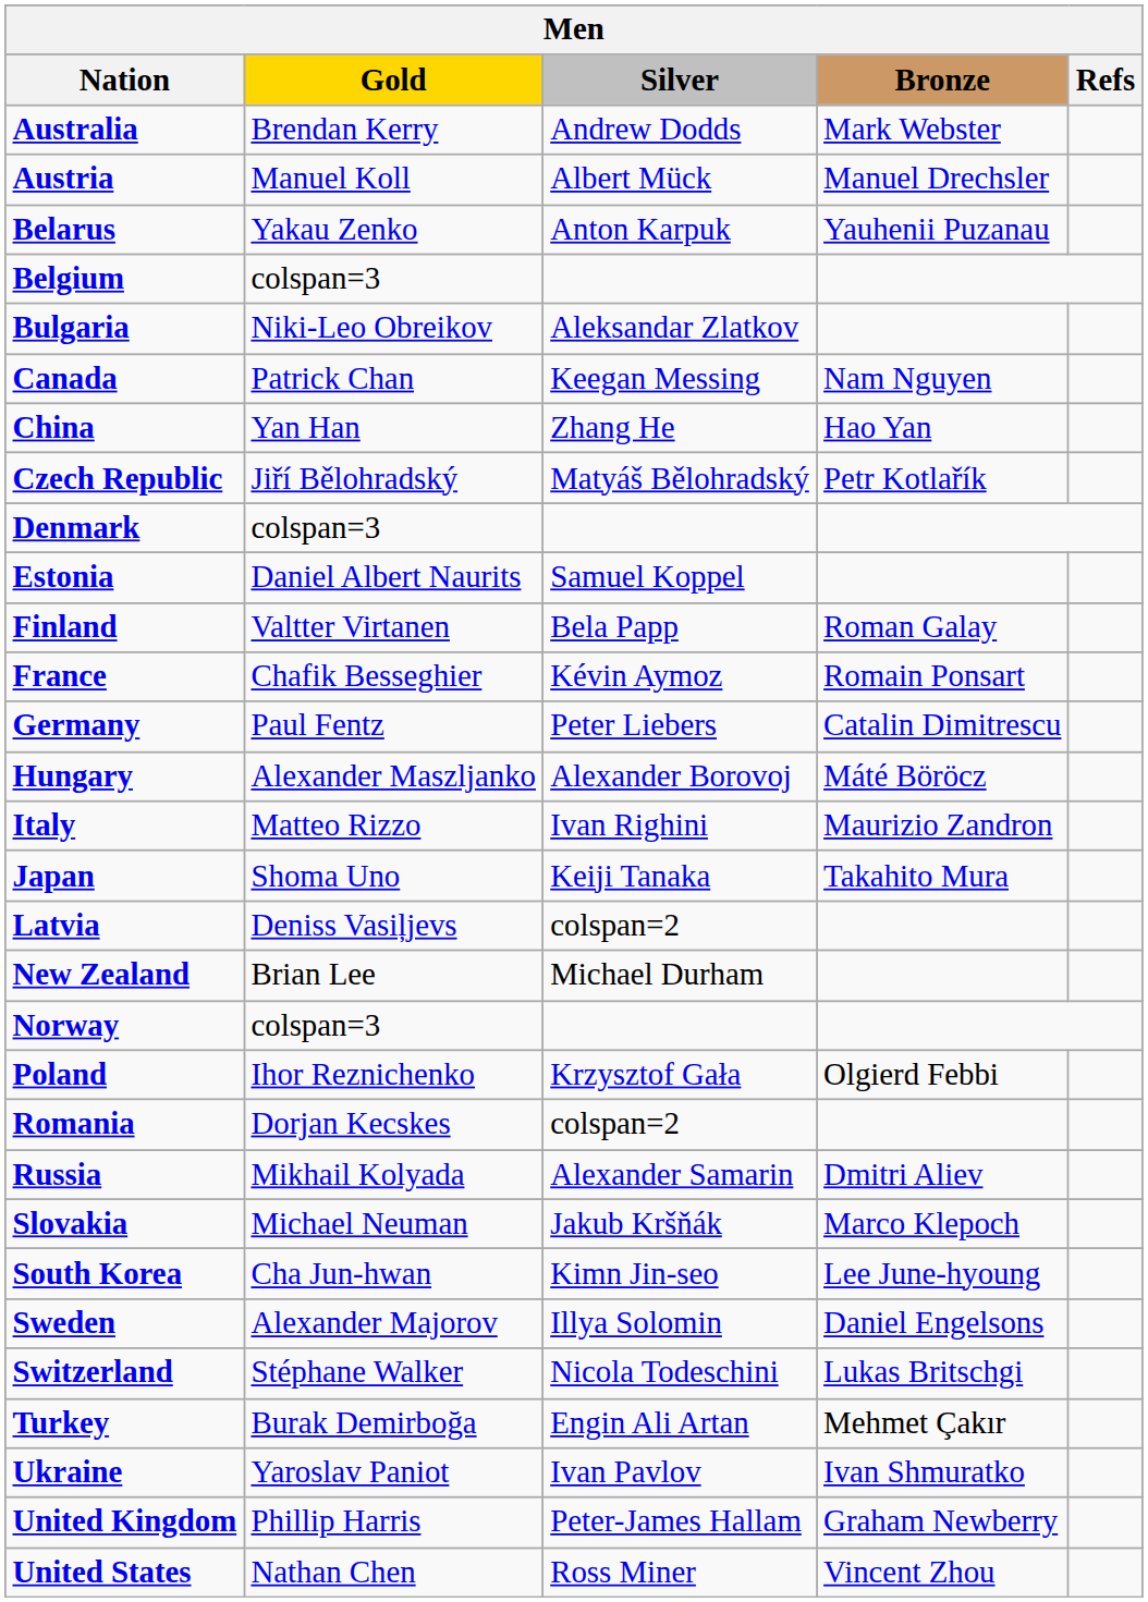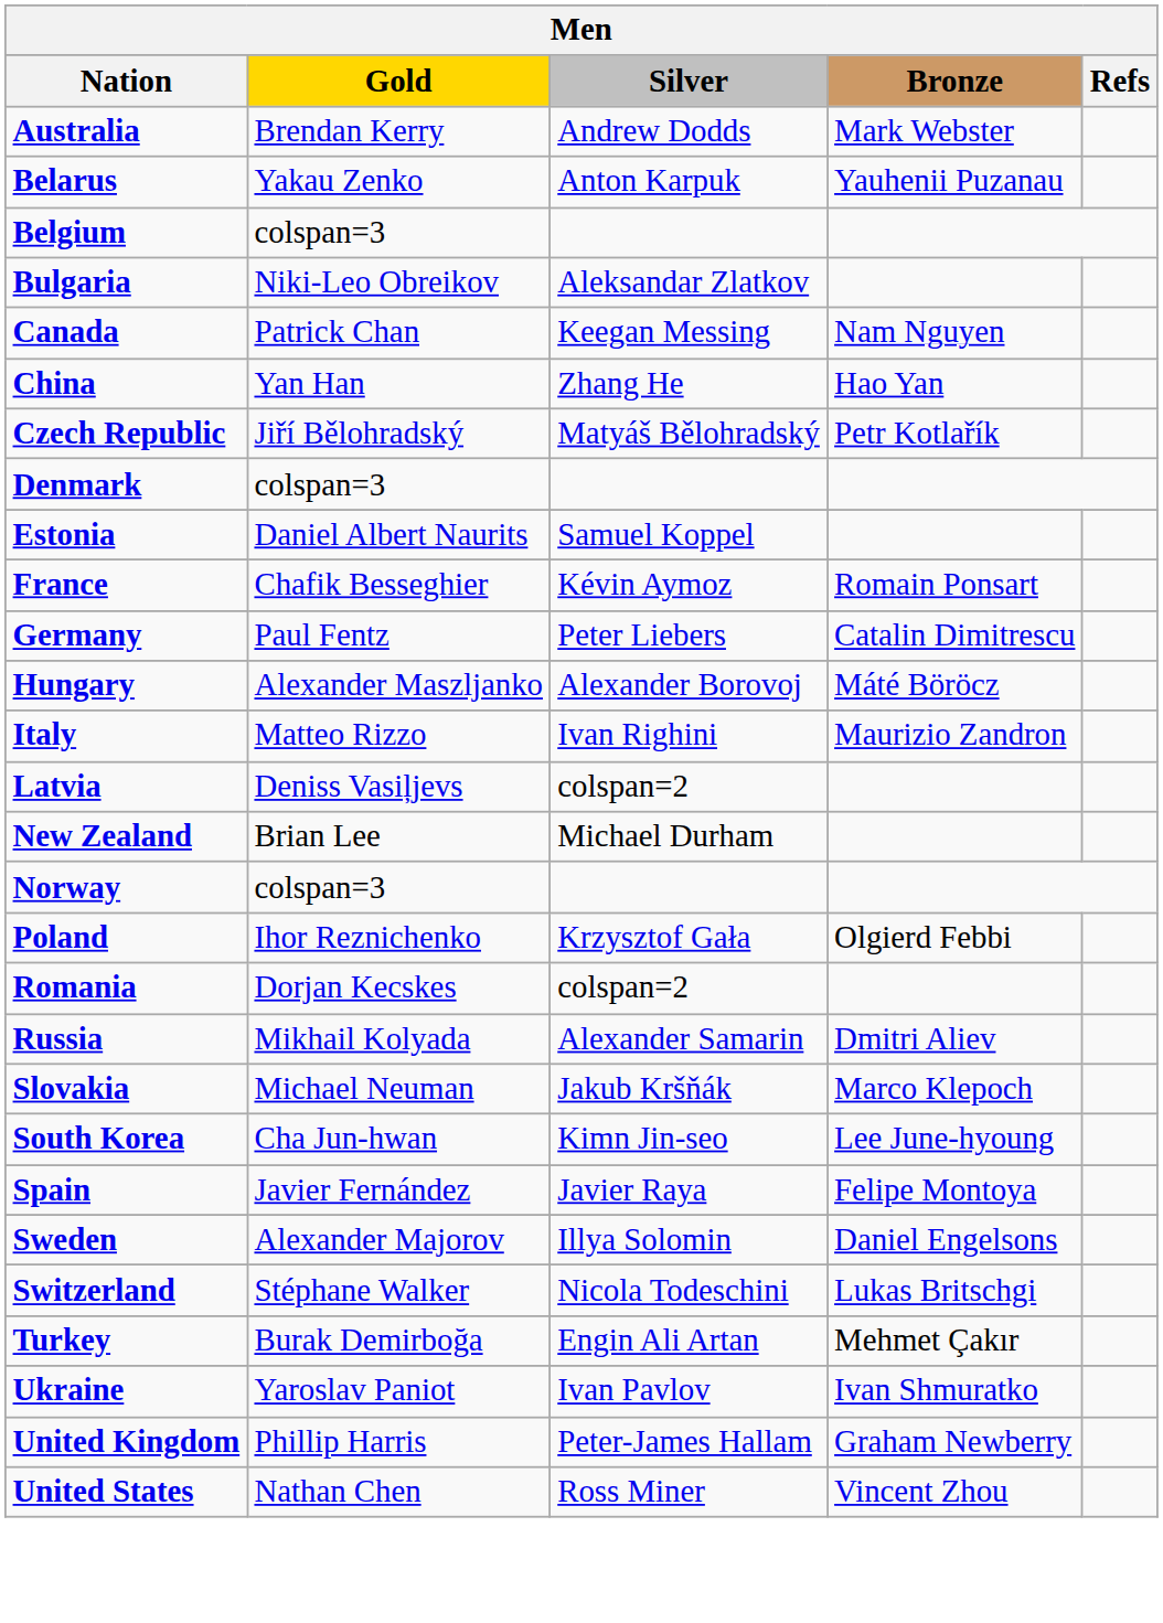 <table class="wikitable">
 <tr>
 <th colspan=5>Men</th>
 </tr>
 <tr>
 <th>Nation</th>
 <td style="text-align:center; background:gold;"><strong>Gold</strong></td>
 <td style="text-align:center; background:silver;"><strong>Silver</strong></td>
 <td style="text-align:center; background:#c96;"><strong>Bronze</strong></td>
 <th>Refs</th>
 </tr>
 <tr>
 <td><strong><a href='#'>Australia</a></strong></td>
 <td><a href='#'>Brendan Kerry</a></td>
 <td><a href='#'>Andrew Dodds</a></td>
 <td><a href='#'>Mark Webster</a></td>
-<td></td>
-</tr>
-<tr>
-<td><strong><a href='#'>Austria</a></strong></td>
-<td><a href='#'>Manuel Koll</a></td>
-<td><a href='#'>Albert Mück</a></td>
-<td><a href='#'>Manuel Drechsler</a></td>
 <td></td>
 </tr>
 <tr>
 <td><strong><a href='#'>Belarus</a></strong></td>
 <td><a href='#'>Yakau Zenko</a></td>
 <td><a href='#'>Anton Karpuk</a></td>
 <td><a href='#'>Yauhenii Puzanau</a></td>
 <td></td>
 </tr>
 <tr>
 <td><strong><a href='#'>Belgium</a></strong></td>
 <td>colspan=3 </td>
 <td></td>
 </tr>
 <tr>
 <td><strong><a href='#'>Bulgaria</a></strong></td>
 <td><a href='#'>Niki-Leo Obreikov</a></td>
 <td><a href='#'>Aleksandar Zlatkov</a></td>
 <td></td>
 <td></td>
 </tr>
 <tr>
 <td><strong><a href='#'>Canada</a></strong></td>
 <td><a href='#'>Patrick Chan</a></td>
 <td><a href='#'>Keegan Messing</a></td>
 <td><a href='#'>Nam Nguyen</a></td>
 <td></td>
 </tr>
 <tr>
 <td><strong><a href='#'>China</a></strong></td>
 <td><a href='#'>Yan Han</a></td>
 <td><a href='#'>Zhang He</a></td>
 <td><a href='#'>Hao Yan</a></td>
 <td></td>
 </tr>
 <tr>
 <td><strong><a href='#'>Czech Republic</a></strong></td>
 <td><a href='#'>Jiří Bělohradský</a></td>
 <td><a href='#'>Matyáš Bělohradský</a></td>
 <td><a href='#'>Petr Kotlařík</a></td>
 <td></td>
 </tr>
 <tr>
 <td><strong><a href='#'>Denmark</a></strong></td>
 <td>colspan=3 </td>
 <td></td>
 </tr>
 <tr>
 <td><strong><a href='#'>Estonia</a></strong></td>
 <td><a href='#'>Daniel Albert Naurits</a></td>
 <td><a href='#'>Samuel Koppel</a></td>
 <td></td>
 <td></td>
 </tr>
 <tr>
-<td><strong><a href='#'>Finland</a></strong></td>
-<td><a href='#'>Valtter Virtanen</a></td>
-<td><a href='#'>Bela Papp</a></td>
-<td><a href='#'>Roman Galay</a></td>
-<td></td>
-</tr>
-<tr>
 <td><strong><a href='#'>France</a></strong></td>
 <td><a href='#'>Chafik Besseghier</a></td>
 <td><a href='#'>Kévin Aymoz</a></td>
 <td><a href='#'>Romain Ponsart</a></td>
 <td></td>
 </tr>
 <tr>
 <td><strong><a href='#'>Germany</a></strong></td>
 <td><a href='#'>Paul Fentz</a></td>
 <td><a href='#'>Peter Liebers</a></td>
 <td><a href='#'>Catalin Dimitrescu</a></td>
 <td></td>
 </tr>
 <tr>
 <td><strong><a href='#'>Hungary</a></strong></td>
 <td><a href='#'>Alexander Maszljanko</a></td>
 <td><a href='#'>Alexander Borovoj</a></td>
 <td><a href='#'>Máté Böröcz</a></td>
 <td></td>
 </tr>
 <tr>
 <td><strong><a href='#'>Italy</a></strong></td>
 <td><a href='#'>Matteo Rizzo</a></td>
 <td><a href='#'>Ivan Righini</a></td>
 <td><a href='#'>Maurizio Zandron</a></td>
-<td></td>
-</tr>
-<tr>
-<td><strong><a href='#'>Japan</a></strong></td>
-<td><a href='#'>Shoma Uno</a></td>
-<td><a href='#'>Keiji Tanaka</a></td>
-<td><a href='#'>Takahito Mura</a></td>
 <td></td>
 </tr>
 <tr>
 <td><strong><a href='#'>Latvia</a></strong></td>
 <td><a href='#'>Deniss Vasiļjevs</a></td>
 <td>colspan=2 </td>
 <td></td>
 </tr>
 <tr>
 <td><strong><a href='#'>New Zealand</a></strong></td>
 <td>Brian Lee</td>
 <td>Michael Durham</td>
 <td></td>
 <td></td>
 </tr>
 <tr>
 <td><strong><a href='#'>Norway</a></strong></td>
 <td>colspan=3 </td>
 <td></td>
 </tr>
 <tr>
 <td><strong><a href='#'>Poland</a></strong></td>
 <td><a href='#'>Ihor Reznichenko</a></td>
 <td><a href='#'>Krzysztof Gała</a></td>
 <td>Olgierd Febbi</td>
 <td></td>
 </tr>
 <tr>
 <td><strong><a href='#'>Romania</a></strong></td>
 <td><a href='#'>Dorjan Kecskes</a></td>
 <td>colspan=2 </td>
 <td></td>
 </tr>
 <tr>
 <td><strong><a href='#'>Russia</a></strong></td>
 <td><a href='#'>Mikhail Kolyada</a></td>
 <td><a href='#'>Alexander Samarin</a></td>
 <td><a href='#'>Dmitri Aliev</a></td>
 <td></td>
 </tr>
 <tr>
 <td><strong><a href='#'>Slovakia</a></strong></td>
 <td><a href='#'>Michael Neuman</a></td>
 <td><a href='#'>Jakub Kršňák</a></td>
 <td><a href='#'>Marco Klepoch</a></td>
 <td></td>
 </tr>
 <tr>
 <td><strong><a href='#'>South Korea</a></strong></td>
 <td><a href='#'>Cha Jun-hwan</a></td>
 <td><a href='#'>Kimn Jin-seo</a></td>
 <td><a href='#'>Lee June-hyoung</a></td>
 <td></td>
 </tr>
 <tr>
+<td><strong><a href='#'>Spain</a></strong></td>
+<td><a href='#'>Javier Fernández</a></td>
+<td><a href='#'>Javier Raya</a></td>
+<td><a href='#'>Felipe Montoya</a></td>
+<td></td>
+</tr>
+<tr>
 <td><strong><a href='#'>Sweden</a></strong></td>
 <td><a href='#'>Alexander Majorov</a></td>
 <td><a href='#'>Illya Solomin</a></td>
 <td><a href='#'>Daniel Engelsons</a></td>
 <td></td>
 </tr>
 <tr>
 <td><strong><a href='#'>Switzerland</a></strong></td>
 <td><a href='#'>Stéphane Walker</a></td>
 <td><a href='#'>Nicola Todeschini</a></td>
 <td><a href='#'>Lukas Britschgi</a></td>
 <td></td>
 </tr>
 <tr>
 <td><strong><a href='#'>Turkey</a></strong></td>
 <td><a href='#'>Burak Demirboğa</a></td>
 <td><a href='#'>Engin Ali Artan</a></td>
 <td>Mehmet Çakır</td>
 <td></td>
 </tr>
 <tr>
 <td><strong><a href='#'>Ukraine</a></strong></td>
 <td><a href='#'>Yaroslav Paniot</a></td>
 <td><a href='#'>Ivan Pavlov</a></td>
 <td><a href='#'>Ivan Shmuratko</a></td>
 <td></td>
 </tr>
 <tr>
 <td><strong><a href='#'>United Kingdom</a></strong></td>
 <td><a href='#'>Phillip Harris</a></td>
 <td><a href='#'>Peter-James Hallam</a></td>
 <td><a href='#'>Graham Newberry</a></td>
 <td></td>
 </tr>
 <tr>
 <td><strong><a href='#'>United States</a></strong></td>
 <td><a href='#'>Nathan Chen</a></td>
 <td><a href='#'>Ross Miner</a></td>
 <td><a href='#'>Vincent Zhou</a></td>
 <td></td>
 </tr>
 </table>
